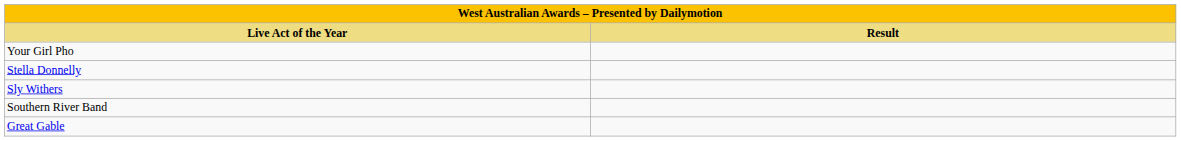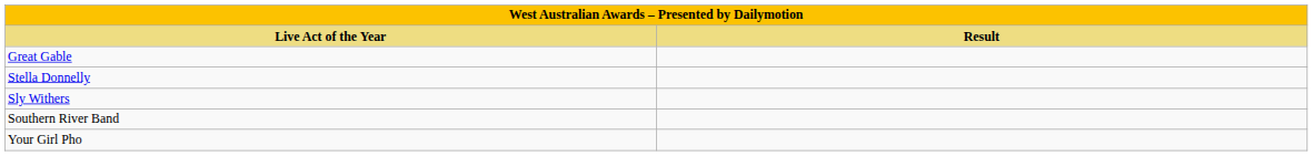 <table class="wikitable" width=100%>
 <tr>
 <th colspan="2" ! style="width:15%;background:#FCC200">West Australian Awards – Presented by Dailymotion</th>
 </tr>
 <tr>
 <th style="width:10%;background:#EEDD82;">Live Act of the Year</th>
 <th style="width:10%;background:#EEDD82;">Result</th>
 </tr>
 <tr>
-<td>Your Girl Pho</td>
+<td><a href='#'>Great Gable</a></td>
 <td></td>
 </tr>
 <tr>
 <td><a href='#'>Stella Donnelly</a></td>
 <td></td>
 </tr>
 <tr>
 <td><a href='#'>Sly Withers</a></td>
 <td></td>
 </tr>
 <tr>
 <td>Southern River Band</td>
 <td></td>
 </tr>
 <tr>
-<td><a href='#'>Great Gable</a></td>
+<td>Your Girl Pho</td>
 <td></td>
 </tr>
 </table>
